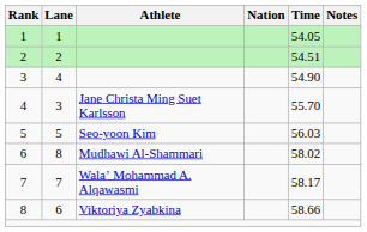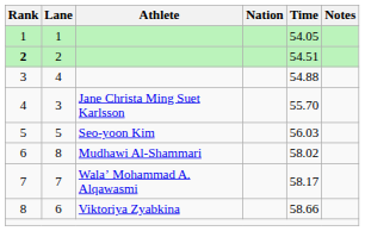 <table class="wikitable sortable" style="text-align:center;width: 70%;">
 <tr>
 <th scope="col" style="width: 10px;">Rank</th>
 <th scope="col" style="width: 10px;">Lane</th>
 <th scope="col">Athlete</th>
 <th scope="col">Nation</th>
 <th scope="col">Time</th>
 <th scope="col">Notes</th>
 </tr>
 <tr bgcolor=bbf3bb>
 <td>1</td>
 <td>1</td>
 <td align=left></td>
 <td align=left></td>
 <td>54.05</td>
 <td></td>
 </tr>
 <tr bgcolor=bbf3bb>
-<td>2</td>
+<td><strong>2</strong></td>
 <td>2</td>
 <td align=left></td>
 <td align=left></td>
 <td>54.51</td>
 <td></td>
 </tr>
 <tr>
 <td>3</td>
 <td>4</td>
 <td align="left"></td>
 <td align="left"></td>
-<td>54.90</td>
+<td>54.88</td>
 <td></td>
 </tr>
 <tr>
 <td>4</td>
 <td>3</td>
 <td align="left"><a href='#'>Jane Christa Ming Suet Karlsson</a></td>
 <td align="left"></td>
 <td>55.70</td>
 <td></td>
 </tr>
 <tr>
 <td>5</td>
 <td>5</td>
 <td align=left><a href='#'>Seo-yoon Kim</a></td>
 <td align=left></td>
 <td>56.03</td>
 <td></td>
 </tr>
 <tr>
 <td>6</td>
 <td>8</td>
 <td align="left"><a href='#'>Mudhawi Al-Shammari</a></td>
 <td align="left"></td>
 <td>58.02</td>
 <td></td>
 </tr>
 <tr>
 <td>7</td>
 <td>7</td>
 <td align=left><a href='#'>Walaʼ Mohammad A. Alqawasmi</a></td>
 <td align=left></td>
 <td>58.17</td>
 <td></td>
 </tr>
 <tr>
 <td>8</td>
 <td>6</td>
 <td align="left"><a href='#'>Viktoriya Zyabkina</a></td>
 <td align="left"></td>
 <td>58.66</td>
 <td></td>
 </tr>
 <tr class="sortbottom">
 <td colspan="6"></td>
 </tr>
 </table>
